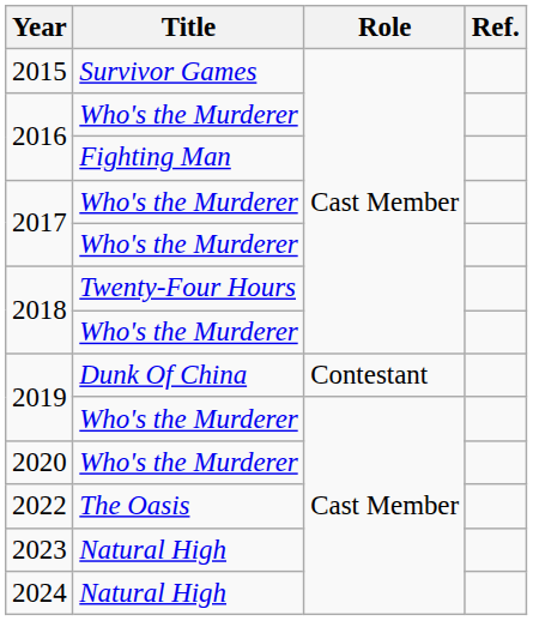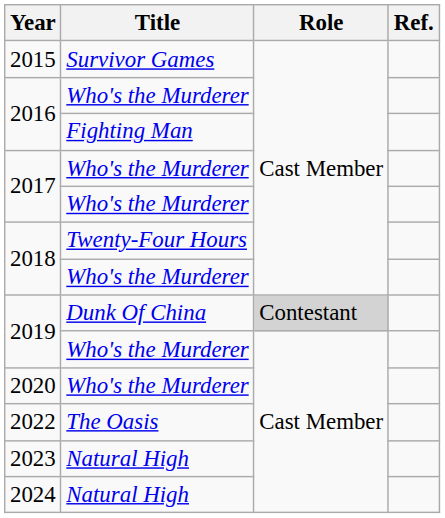 <table class="wikitable">
 <tr>
 <th width=10>Year</th>
 <th>Title</th>
 <th>Role</th>
 <th>Ref.</th>
 </tr>
 <tr>
 <td>2015</td>
 <td><em><a href='#'>Survivor Games</a></em></td>
 <td rowspan=7>Cast Member</td>
 <td></td>
 </tr>
 <tr>
 <td rowspan=2>2016</td>
 <td><em><a href='#'>Who's the Murderer</a></em></td>
 <td></td>
 </tr>
 <tr>
 <td><em><a href='#'>Fighting Man</a></em></td>
 <td></td>
 </tr>
 <tr>
 <td rowspan=2>2017</td>
 <td><em><a href='#'>Who's the Murderer</a></em><br></td>
 <td></td>
 </tr>
 <tr>
 <td><em><a href='#'>Who's the Murderer</a></em> <br></td>
 <td></td>
 </tr>
 <tr>
 <td rowspan=2>2018</td>
 <td><em><a href='#'>Twenty-Four Hours</a></em> <br></td>
 <td></td>
 </tr>
 <tr>
 <td><em><a href='#'>Who's the Murderer</a></em> <br></td>
 <td></td>
 </tr>
 <tr>
 <td rowspan=2>2019</td>
 <td><em><a href='#'>Dunk Of China</a></em><br></td>
-<td>Contestant<br></td>
+<td style="background: lightgrey;">Contestant<br></td>
 <td></td>
 </tr>
 <tr>
 <td><em><a href='#'>Who's the Murderer</a></em> <br></td>
 <td rowspan=5>Cast Member</td>
 <td></td>
 </tr>
 <tr>
 <td>2020</td>
 <td><em><a href='#'>Who's the Murderer</a></em> <br></td>
 <td></td>
 </tr>
 <tr>
 <td>2022</td>
 <td><em><a href='#'>The Oasis</a></em></td>
 <td></td>
 </tr>
 <tr>
 <td>2023</td>
 <td><em><a href='#'>Natural High</a></em></td>
 <td></td>
 </tr>
 <tr>
 <td>2024</td>
 <td><em><a href='#'>Natural High</a></em><br></td>
 <td></td>
 </tr>
 </table>
